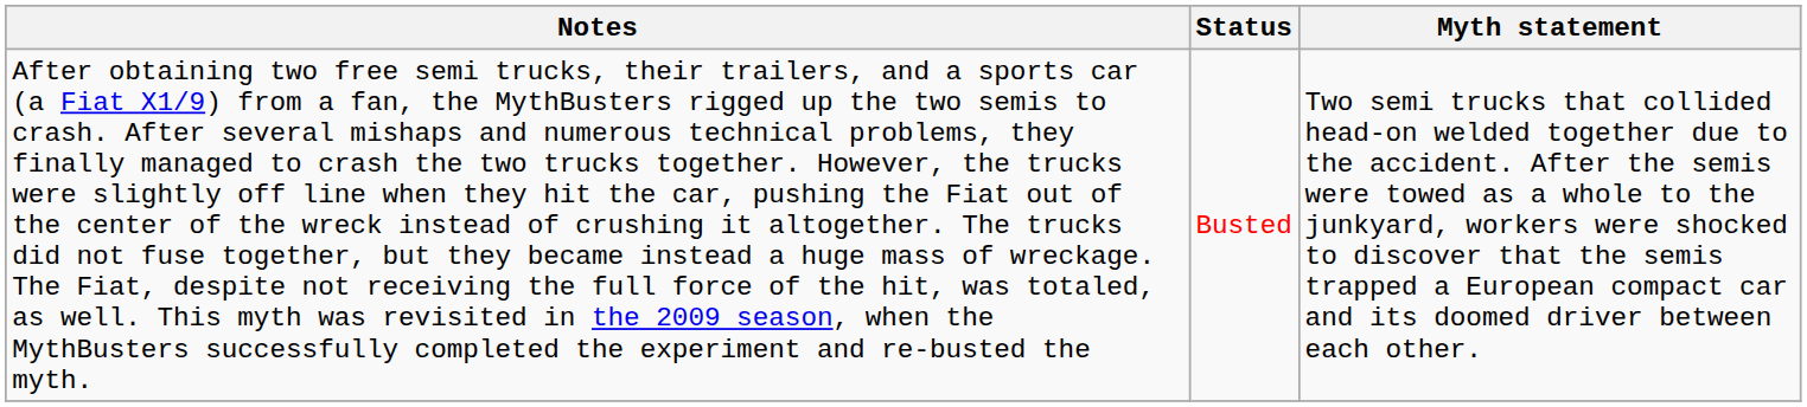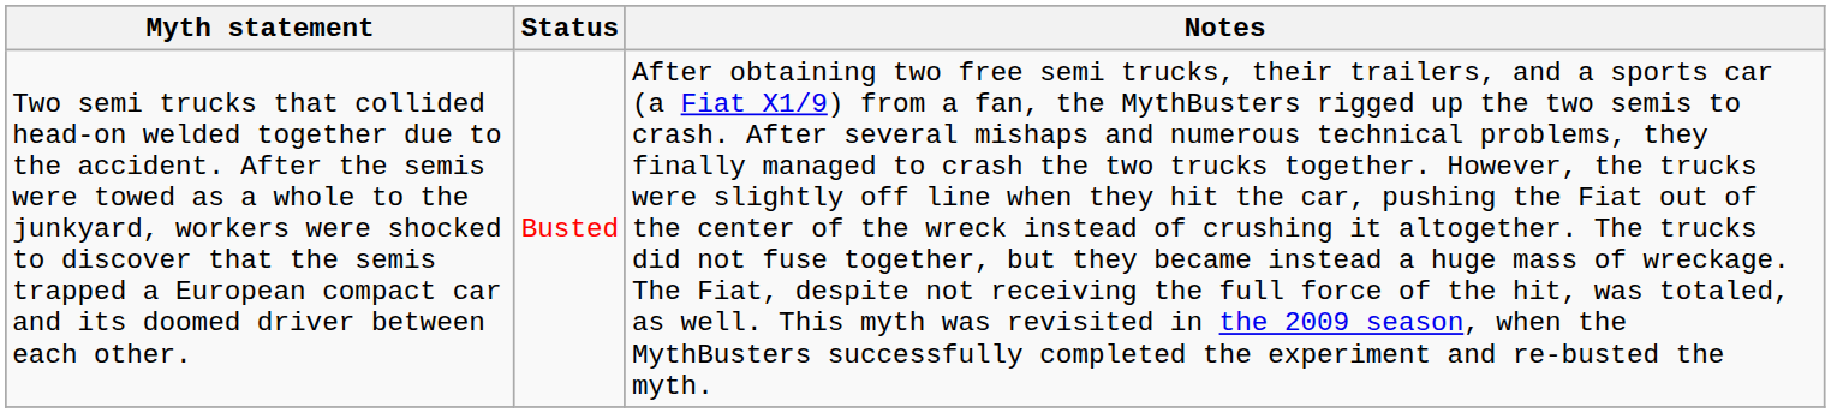 <table class="wikitable plainrowheaders">
 <tr>
+<th>Myth statement</th>
+<th>Status</th>
 <th>Notes</th>
-<th>Status</th>
-<th>Myth statement</th>
 </tr>
 <tr>
+<td>Two semi trucks that collided head-on welded together due to the accident. After the semis were towed as a whole to the junkyard, workers were shocked to discover that the semis trapped a European compact car and its doomed driver between each other.</td>
+<td style="color:red">Busted</td>
 <td>After obtaining two free semi trucks, their trailers, and a sports car (a <a href='#'>Fiat X1/9</a>) from a fan, the MythBusters rigged up the two semis to crash. After several mishaps and numerous technical problems, they finally managed to crash the two trucks together. However, the trucks were slightly off line when they hit the car, pushing the Fiat out of the center of the wreck instead of crushing it altogether. The trucks did not fuse together, but they became instead a huge mass of wreckage. The Fiat, despite not receiving the full force of the hit, was totaled, as well. This myth was revisited in <a href='#'>the 2009 season</a>, when the MythBusters successfully completed the experiment and re-busted the myth.</td>
-<td style="color:red">Busted</td>
-<td>Two semi trucks that collided head-on welded together due to the accident. After the semis were towed as a whole to the junkyard, workers were shocked to discover that the semis trapped a European compact car and its doomed driver between each other.</td>
 </tr>
 </table>
